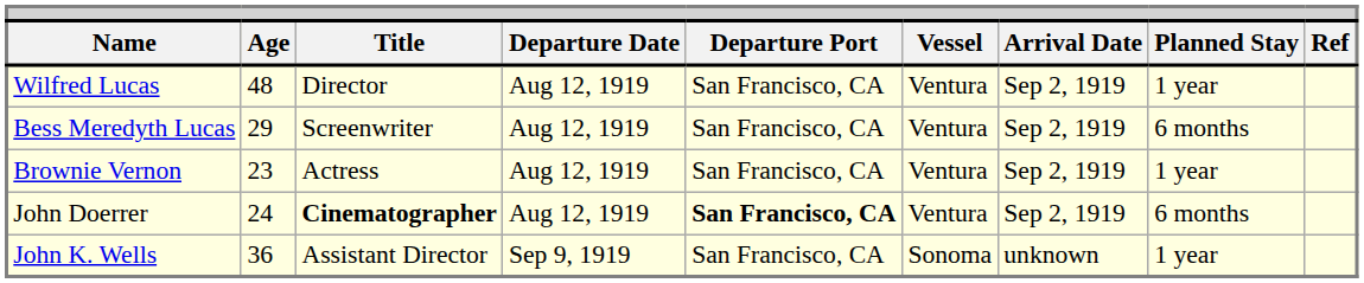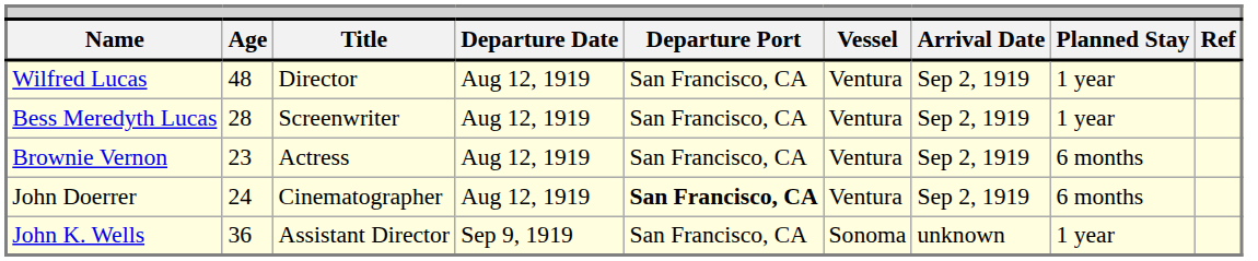 <table class="wikitable mw-collapsible mw-collapsed" style="background:lightyellow; border:2px solid gray;font-size:90%">
 <tr>
 <th colspan="18" style="border:1px solid #808080;background:lightgrey;"></th>
 </tr>
 <tr>
 <th style="border-bottom:2px solid black;border-top:2px solid black;">Name</th>
 <th style="border-bottom:2px solid black;border-top:2px solid black;">Age</th>
 <th style="border-bottom:2px solid black;border-top:2px solid black;">Title</th>
 <th style="border-bottom:2px solid black;border-top:2px solid black;">Departure Date</th>
 <th style="border-bottom:2px solid black;border-top:2px solid black;">Departure Port</th>
 <th style="border-bottom:2px solid black;border-top:2px solid black;">Vessel</th>
 <th style="border-bottom:2px solid black;border-top:2px solid black;">Arrival Date</th>
 <th style="border-bottom:2px solid black;border-top:2px solid black;">Planned Stay</th>
 <th style="border-bottom:2px solid black;border-top:2px solid black;">Ref</th>
 </tr>
 <tr>
 <td><a href='#'>Wilfred Lucas</a></td>
 <td>48</td>
 <td>Director</td>
 <td>Aug 12, 1919</td>
 <td>San Francisco, CA</td>
 <td>Ventura</td>
 <td>Sep 2, 1919</td>
 <td>1 year</td>
 <td></td>
 </tr>
 <tr>
 <td><a href='#'>Bess Meredyth Lucas</a></td>
-<td>29</td>
+<td>28</td>
 <td>Screenwriter</td>
 <td>Aug 12, 1919</td>
 <td>San Francisco, CA</td>
 <td>Ventura</td>
 <td>Sep 2, 1919</td>
-<td>6 months</td>
+<td>1 year</td>
 <td></td>
 </tr>
 <tr>
 <td><a href='#'>Brownie Vernon</a></td>
 <td>23</td>
 <td>Actress</td>
 <td>Aug 12, 1919</td>
 <td>San Francisco, CA</td>
 <td>Ventura</td>
 <td>Sep 2, 1919</td>
-<td>1 year</td>
+<td>6 months</td>
 <td></td>
 </tr>
 <tr>
 <td>John Doerrer</td>
 <td>24</td>
-<td><strong>Cinematographer</strong></td>
+<td>Cinematographer</td>
 <td>Aug 12, 1919</td>
 <td><strong>San Francisco, CA</strong></td>
 <td>Ventura</td>
 <td>Sep 2, 1919</td>
 <td>6 months</td>
 <td></td>
 </tr>
 <tr>
 <td><a href='#'>John K. Wells</a></td>
 <td>36</td>
 <td>Assistant Director</td>
 <td>Sep 9, 1919</td>
 <td>San Francisco, CA</td>
 <td>Sonoma</td>
 <td>unknown</td>
 <td>1 year</td>
 <td></td>
 </tr>
 </table>
